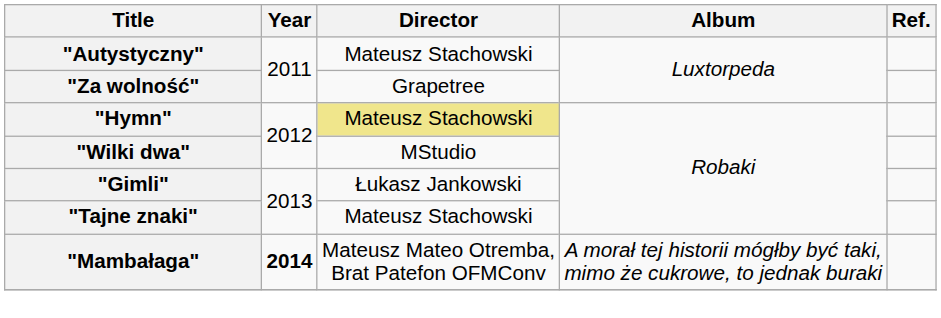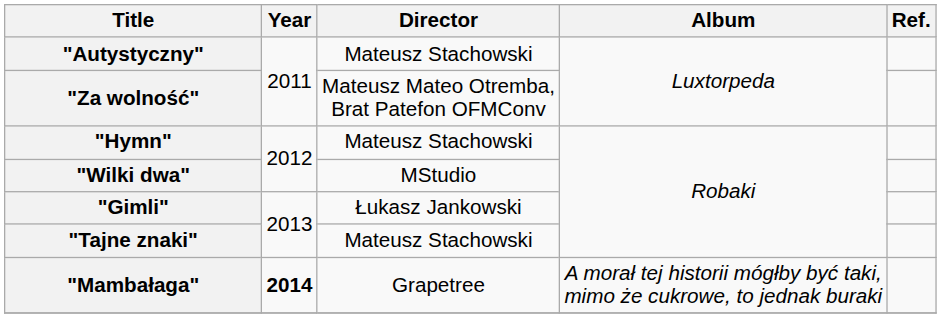 <table class="wikitable plainrowheaders" border="1" style="text-align:center;">
 <tr>
 <th scope="col" style="width: 12em;">Title</th>
 <th scope="col">Year</th>
 <th scope="col">Director</th>
 <th scope="col">Album</th>
 <th scope="col">Ref.</th>
 </tr>
 <tr>
 <th scope="row">"Autystyczny"</th>
 <td rowspan="2">2011</td>
 <td>Mateusz Stachowski</td>
 <td rowspan="2"><em>Luxtorpeda</em></td>
 <td></td>
 </tr>
 <tr>
 <th scope="row">"Za wolność"</th>
-<td>Grapetree</td>
+<td>Mateusz Mateo Otremba,<br>Brat Patefon OFMConv</td>
 <td></td>
 </tr>
 <tr>
 <th scope="row">"Hymn"</th>
 <td rowspan="2">2012</td>
-<td style="background: khaki;">Mateusz Stachowski</td>
+<td>Mateusz Stachowski</td>
 <td rowspan="4"><em>Robaki</em></td>
 <td></td>
 </tr>
 <tr>
 <th scope="row">"Wilki dwa"</th>
 <td>MStudio</td>
 <td></td>
 </tr>
 <tr>
 <th scope="row">"Gimli"</th>
 <td rowspan="2">2013</td>
 <td>Łukasz Jankowski</td>
 <td></td>
 </tr>
 <tr>
 <th scope="row">"Tajne znaki"</th>
 <td>Mateusz Stachowski</td>
 <td></td>
 </tr>
 <tr>
 <th scope="row">"Mambałaga"</th>
 <td><strong>2014</strong></td>
-<td>Mateusz Mateo Otremba,<br>Brat Patefon OFMConv</td>
+<td>Grapetree</td>
 <td><em>A morał tej historii mógłby być taki,<br>mimo że cukrowe, to jednak buraki</em></td>
 <td></td>
 </tr>
 <tr>
 </tr>
 </table>
